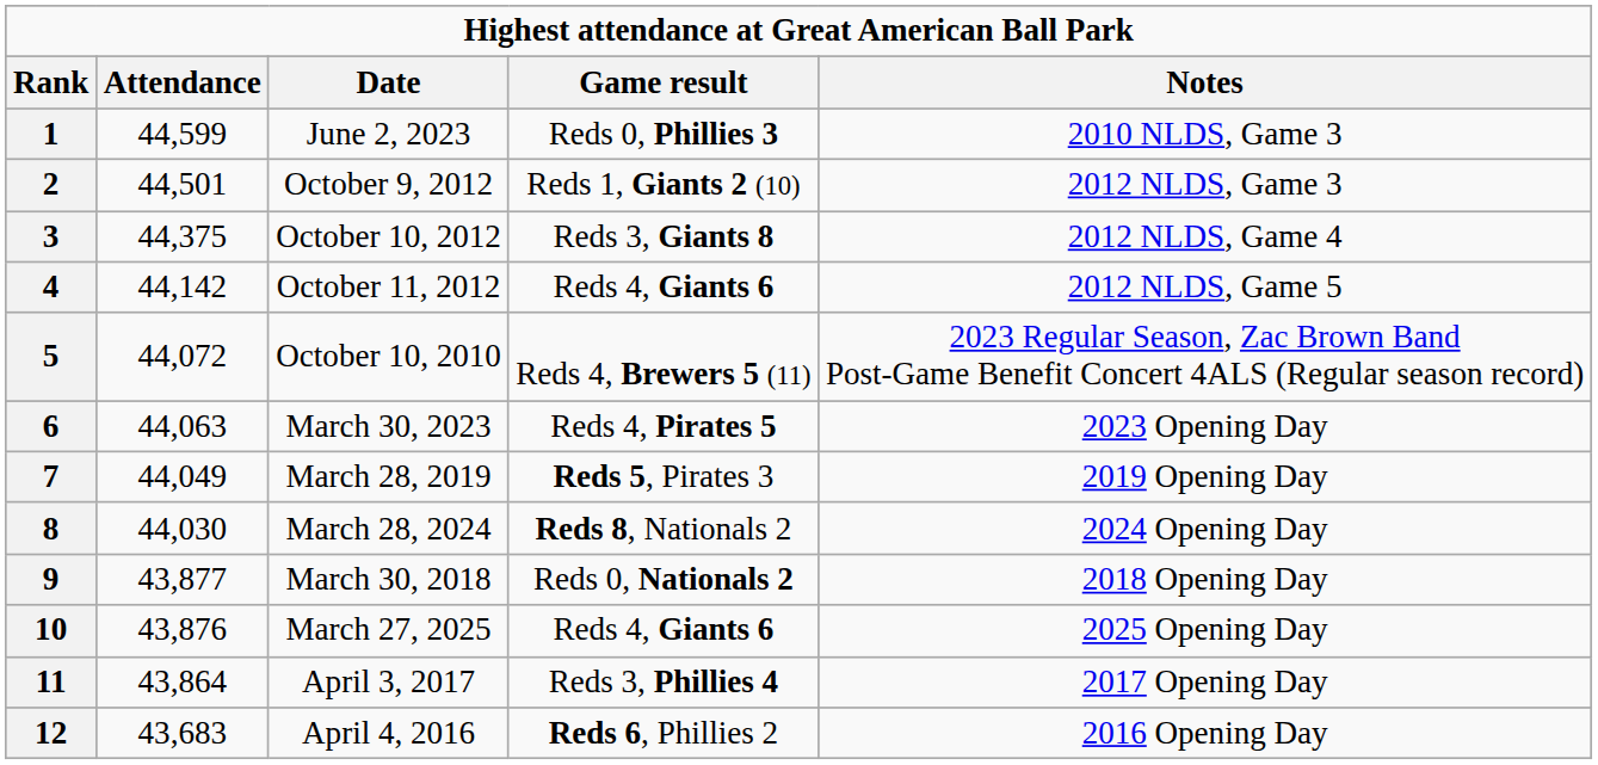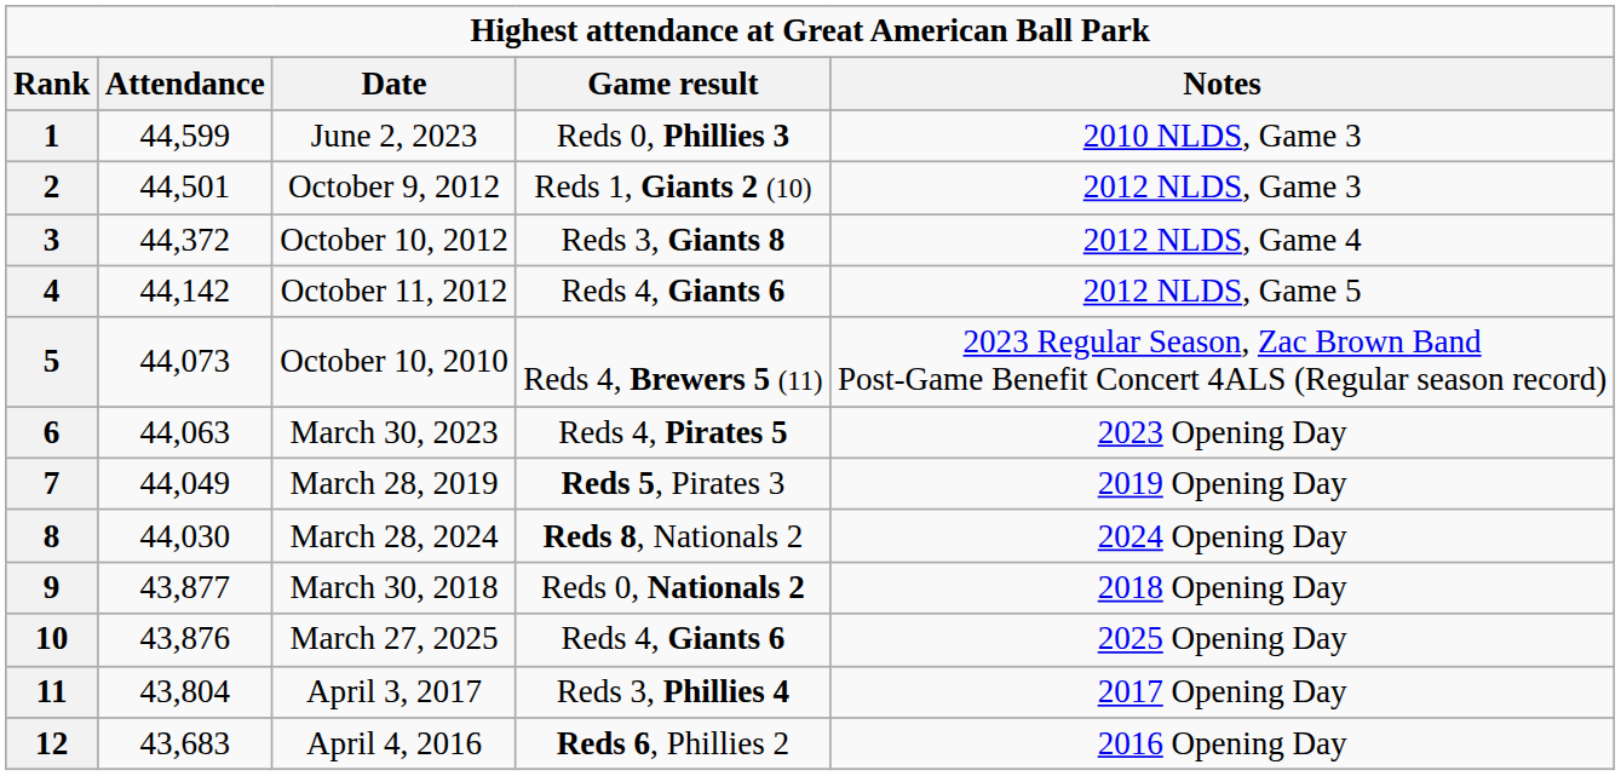 <table class="wikitable" style="text-align:center">
 <tr>
 <td colspan="5"><strong>Highest attendance at Great American Ball Park</strong></td>
 </tr>
 <tr>
 <th>Rank</th>
 <th>Attendance</th>
 <th>Date</th>
 <th>Game result</th>
 <th>Notes</th>
 </tr>
 <tr>
 <th>1</th>
 <td>44,599</td>
 <td>June 2, 2023</td>
 <td>Reds 0, <strong>Phillies 3</strong></td>
 <td><a href='#'>2010 NLDS</a>, Game 3</td>
 </tr>
 <tr>
 <th>2</th>
 <td>44,501</td>
 <td>October 9, 2012</td>
 <td>Reds 1, <strong>Giants 2</strong> <small>(10)</small></td>
 <td><a href='#'>2012 NLDS</a>, Game 3</td>
 </tr>
 <tr>
 <th>3</th>
-<td>44,375</td>
+<td>44,372</td>
 <td>October 10, 2012</td>
 <td>Reds 3, <strong>Giants 8</strong></td>
 <td><a href='#'>2012 NLDS</a>, Game 4</td>
 </tr>
 <tr>
 <th>4</th>
 <td>44,142</td>
 <td>October 11, 2012</td>
 <td>Reds 4, <strong>Giants 6</strong></td>
 <td><a href='#'>2012 NLDS</a>, Game 5</td>
 </tr>
 <tr>
 <th>5</th>
-<td>44,072</td>
+<td>44,073</td>
 <td>October 10, 2010</td>
 <td><br>Reds 4, <strong>Brewers 5</strong> <small>(11)</small></td>
 <td><a href='#'>2023 Regular Season</a>, <a href='#'>Zac Brown Band</a><br>Post-Game Benefit Concert 4ALS (Regular season record)</td>
 </tr>
 <tr>
 <th>6</th>
 <td>44,063</td>
 <td>March 30, 2023</td>
 <td>Reds 4, <strong>Pirates 5</strong></td>
 <td><a href='#'>2023</a> Opening Day</td>
 </tr>
 <tr>
 <th>7</th>
 <td>44,049</td>
 <td>March 28, 2019</td>
 <td><strong>Reds 5</strong>, Pirates 3</td>
 <td><a href='#'>2019</a> Opening Day</td>
 </tr>
 <tr>
 <th>8</th>
 <td>44,030</td>
 <td>March 28, 2024</td>
 <td><strong>Reds 8</strong>, Nationals 2</td>
 <td><a href='#'>2024</a> Opening Day</td>
 </tr>
 <tr>
 <th>9</th>
 <td>43,877</td>
 <td>March 30, 2018</td>
 <td>Reds 0, <strong>Nationals 2</strong></td>
 <td><a href='#'>2018</a> Opening Day</td>
 </tr>
 <tr>
 <th>10</th>
 <td>43,876</td>
 <td>March 27, 2025</td>
 <td>Reds 4, <strong>Giants 6</strong></td>
 <td><a href='#'>2025</a> Opening Day</td>
 </tr>
 <tr>
 <th>11</th>
-<td>43,864</td>
+<td>43,804</td>
 <td>April 3, 2017</td>
 <td>Reds 3, <strong>Phillies 4</strong></td>
 <td><a href='#'>2017</a> Opening Day</td>
 </tr>
 <tr>
 <th>12</th>
 <td>43,683</td>
 <td>April 4, 2016</td>
 <td><strong>Reds 6</strong>, Phillies 2</td>
 <td><a href='#'>2016</a> Opening Day</td>
 </tr>
 </table>
